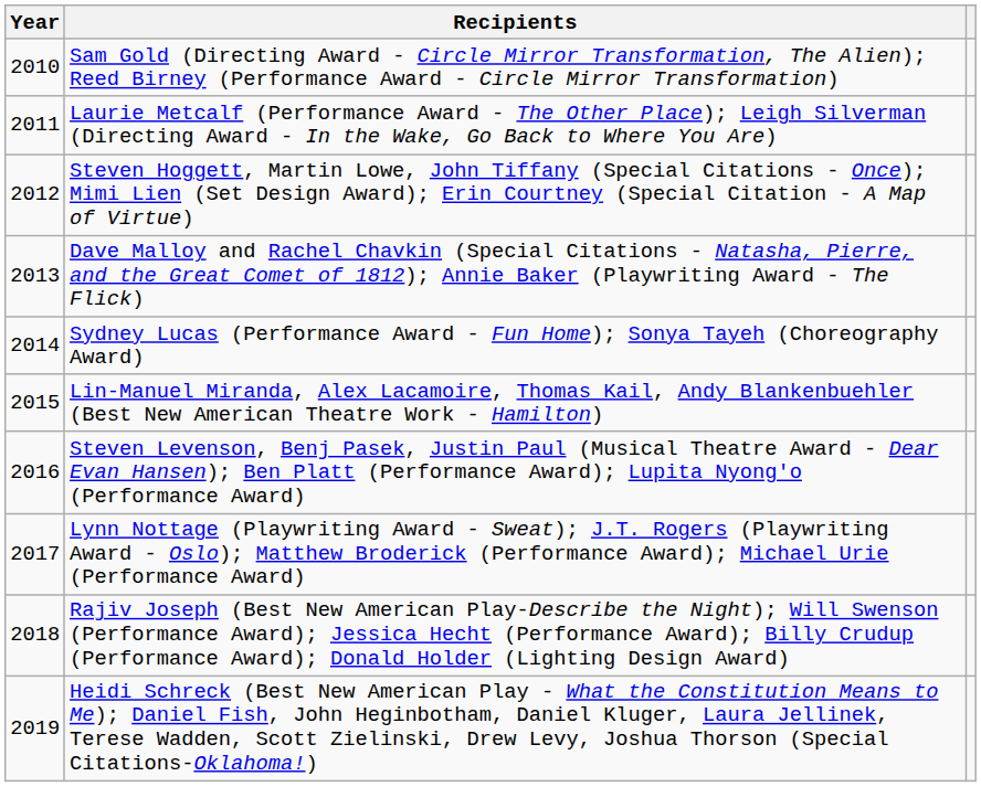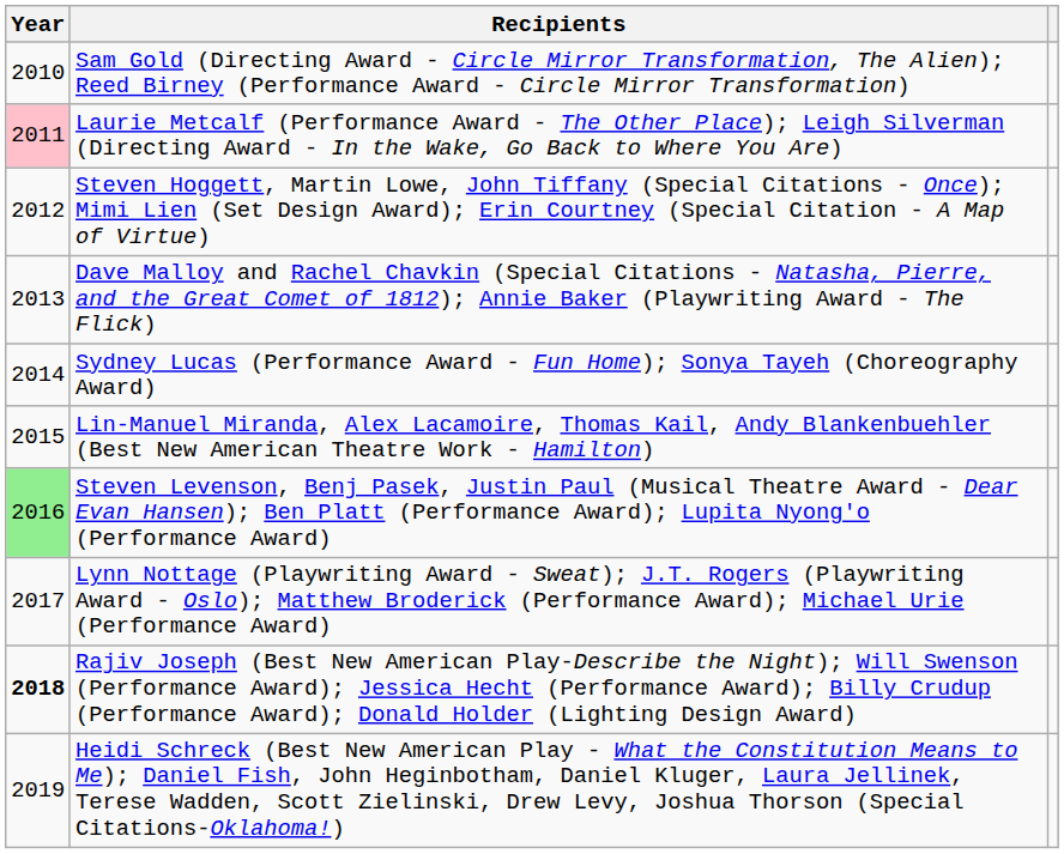 <table class="wikitable">
 <tr>
 <th>Year</th>
 <th>Recipients</th>
 <th></th>
 </tr>
 <tr>
 <td>2010</td>
 <td><a href='#'>Sam Gold</a> (Directing Award - <em><a href='#'>Circle Mirror Transformation</a>, The Alien</em>); <a href='#'>Reed Birney</a> (Performance Award - <em>Circle Mirror Transformation</em>)</td>
 <td></td>
 </tr>
 <tr>
-<td>2011</td>
+<td style="background: pink;">2011</td>
 <td><a href='#'>Laurie Metcalf</a> (Performance Award - <em><a href='#'>The Other Place</a></em>); <a href='#'>Leigh Silverman</a> (Directing Award - <em>In the Wake, Go Back to Where You Are</em>)</td>
 <td></td>
 </tr>
 <tr>
 <td>2012</td>
 <td><a href='#'>Steven Hoggett</a>, Martin Lowe, <a href='#'>John Tiffany</a> (Special Citations - <em><a href='#'>Once</a></em>); <a href='#'>Mimi Lien</a> (Set Design Award); <a href='#'>Erin Courtney</a> (Special Citation - <em>A Map of Virtue</em>)</td>
 <td></td>
 </tr>
 <tr>
 <td>2013</td>
 <td><a href='#'>Dave Malloy</a> and <a href='#'>Rachel Chavkin</a> (Special Citations - <em><a href='#'>Natasha, Pierre, and the Great Comet of 1812</a></em>); <a href='#'>Annie Baker</a> (Playwriting Award - <em>The Flick</em>)</td>
 <td></td>
 </tr>
 <tr>
 <td>2014</td>
 <td><a href='#'>Sydney Lucas</a> (Performance Award - <a href='#'><em>Fun Home</em></a>); <a href='#'>Sonya Tayeh</a> (Choreography Award)</td>
 <td></td>
 </tr>
 <tr>
 <td>2015</td>
 <td><a href='#'>Lin-Manuel Miranda</a>, <a href='#'>Alex Lacamoire</a>, <a href='#'>Thomas Kail</a>, <a href='#'>Andy Blankenbuehler</a> (Best New American Theatre Work - <em><a href='#'>Hamilton</a></em>)</td>
 <td></td>
 </tr>
 <tr>
-<td>2016</td>
+<td style="background: lightgreen;">2016</td>
 <td><a href='#'>Steven Levenson</a>, <a href='#'>Benj Pasek</a>, <a href='#'>Justin Paul</a> (Musical Theatre Award - <em><a href='#'>Dear Evan Hansen</a></em>); <a href='#'>Ben Platt</a> (Performance Award); <a href='#'>Lupita Nyong'o</a> (Performance Award)</td>
 <td></td>
 </tr>
 <tr>
 <td>2017</td>
 <td><a href='#'>Lynn Nottage</a> (Playwriting Award - <em>Sweat</em>); <a href='#'>J.T. Rogers</a> (Playwriting Award - <em><a href='#'>Oslo</a></em>); <a href='#'>Matthew Broderick</a> (Performance Award); <a href='#'>Michael Urie</a> (Performance Award)</td>
 <td></td>
 </tr>
 <tr>
-<td>2018</td>
+<td><strong>2018</strong></td>
 <td><a href='#'>Rajiv Joseph</a> (Best New American Play-<em>Describe the Night</em>); <a href='#'>Will Swenson</a> (Performance Award); <a href='#'>Jessica Hecht</a> (Performance Award); <a href='#'>Billy Crudup</a> (Performance Award); <a href='#'>Donald Holder</a> (Lighting Design Award)</td>
 <td></td>
 </tr>
 <tr>
 <td>2019</td>
 <td><a href='#'>Heidi Schreck</a> (Best New American Play - <em><a href='#'>What the Constitution Means to Me</a></em>); <a href='#'>Daniel Fish</a>, John Heginbotham, Daniel Kluger, <a href='#'>Laura Jellinek</a>, Terese Wadden, Scott Zielinski, Drew Levy, Joshua Thorson (Special Citations-<em><a href='#'>Oklahoma!</a></em>)</td>
 <td></td>
 </tr>
 </table>
